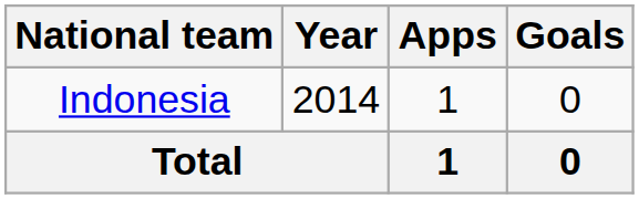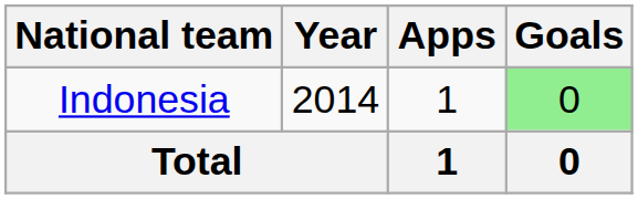 <table class="wikitable" style="text-align:center">
 <tr>
 <th>National team</th>
 <th>Year</th>
 <th>Apps</th>
 <th>Goals</th>
 </tr>
 <tr>
 <td><a href='#'>Indonesia</a></td>
 <td>2014</td>
 <td>1</td>
-<td>0</td>
+<td style="background: lightgreen;">0</td>
 </tr>
 <tr>
 <th colspan=2>Total</th>
 <th>1</th>
 <th>0</th>
 </tr>
 </table>
